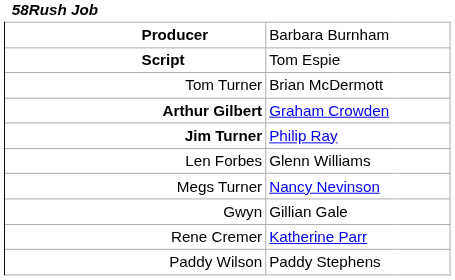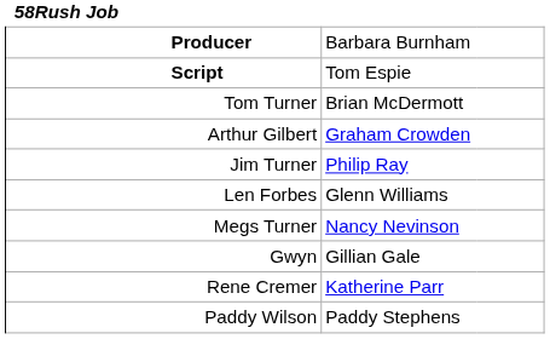 <table class="wikitable mw-collapsible mw-collapsed" style="vertical-align:top;margin:auto 2em;line-height:1.2;min-width:33em;display: inline-table;background-color:inherit;border:none;">
 <tr>
 <td class=unsortable style="border:hidden;line-height:1.67;text-align:center;margin-left:-1em;padding-left:0.5em;min-width:1.0em;"></td>
 <td class=unsortable style="border:none;padding-left:0.5em;text-align:left;min-width:16.5em;font-weight:700;font-style:italic;">58Rush Job</td>
 <td class=unsortable style="border:none;text-align:right;font-weight:normal;font-family:Courier;font-size:95%;letter-spacing:-1pt;min-width:8.5em;padding-right:0.2em;"></td>
 <td class=unsortable style="border:hidden;min-width:3.5em;padding-left:0;"></td>
 <td class=unsortable style="border:hidden;min-width:3.5em;font-size:95%;"></td>
 </tr>
 <tr>
 <td rowspan=100 style="border:none thin;border-right-style :solid;"></td>
 </tr>
 <tr>
 <td style="text-align:left;padding-left:9.0em;font-weight:bold;">Producer</td>
 <td colspan=2>Barbara Burnham</td>
 </tr>
 <tr>
 <td style="text-align:left;padding-left:9.0em;font-weight:bold;">Script</td>
 <td colspan=2>Tom Espie</td>
 </tr>
 <tr>
 <td style="text-align:right;">Tom Turner</td>
 <td colspan=2>Brian McDermott</td>
 </tr>
 <tr>
-<td style="text-align:right;"><strong>Arthur Gilbert</strong></td>
+<td style="text-align:right;">Arthur Gilbert</td>
 <td colspan=2><a href='#'>Graham Crowden</a></td>
 </tr>
 <tr>
-<td style="text-align:right;"><strong>Jim Turner</strong></td>
+<td style="text-align:right;">Jim Turner</td>
 <td colspan=2><a href='#'>Philip Ray</a></td>
 </tr>
 <tr>
 <td style="text-align:right;">Len Forbes</td>
 <td colspan=2>Glenn Williams</td>
 </tr>
 <tr>
 <td style="text-align:right;">Megs Turner</td>
 <td colspan=2><a href='#'>Nancy Nevinson</a></td>
 </tr>
 <tr>
 <td style="text-align:right;">Gwyn</td>
 <td colspan=2>Gillian Gale</td>
 </tr>
 <tr>
 <td style="text-align:right;">Rene Cremer</td>
 <td colspan=2><a href='#'>Katherine Parr</a></td>
 </tr>
 <tr>
 <td style="text-align:right;">Paddy Wilson</td>
 <td colspan=2>Paddy Stephens</td>
 </tr>
 </table>
